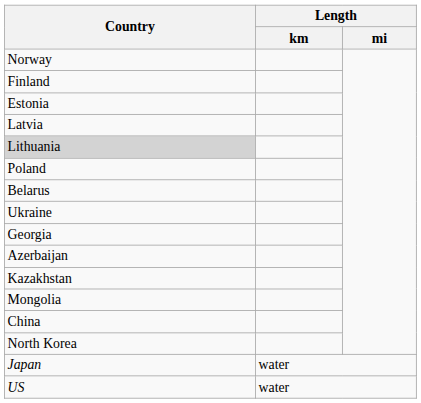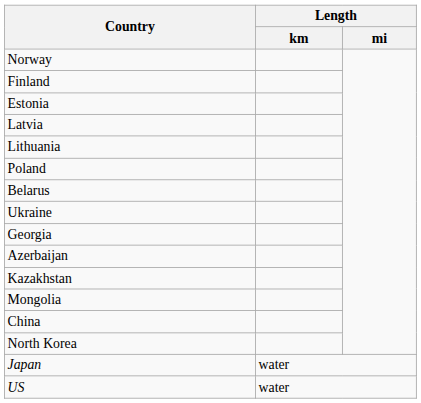 <table class="wikitable sortable" style="min-width:30em; float:left; margin-right:1em;">
 <tr>
 <th rowspan=2>Country</th>
 <th colspan=2>Length</th>
 </tr>
 <tr>
 <th>km</th>
 <th>mi</th>
 </tr>
 <tr>
 <td>Norway</td>
 <td></td>
 </tr>
 <tr>
 <td>Finland</td>
 <td></td>
 </tr>
 <tr>
 <td>Estonia</td>
 <td></td>
 </tr>
 <tr>
 <td>Latvia</td>
 <td></td>
 </tr>
 <tr>
-<td style="background: lightgrey;">Lithuania</td>
+<td>Lithuania</td>
 <td></td>
 </tr>
 <tr>
 <td>Poland</td>
 <td></td>
 </tr>
 <tr>
 <td>Belarus</td>
 <td></td>
 </tr>
 <tr>
 <td>Ukraine</td>
 <td></td>
 </tr>
 <tr>
 <td>Georgia</td>
 <td></td>
 </tr>
 <tr>
 <td>Azerbaijan</td>
 <td></td>
 </tr>
 <tr>
 <td>Kazakhstan</td>
 <td></td>
 </tr>
 <tr>
 <td>Mongolia</td>
 <td></td>
 </tr>
 <tr>
 <td>China</td>
 <td></td>
 </tr>
 <tr>
 <td>North Korea</td>
 <td></td>
 </tr>
 <tr>
 <td><em>Japan</em></td>
 <td colspan=2>water</td>
 </tr>
 <tr>
 <td><em>US</em></td>
 <td colspan=2>water</td>
 </tr>
 </table>
